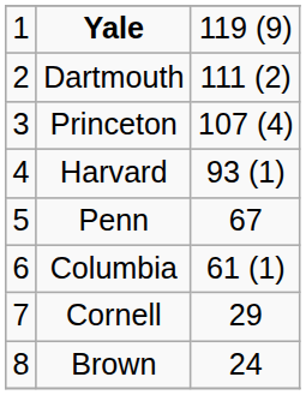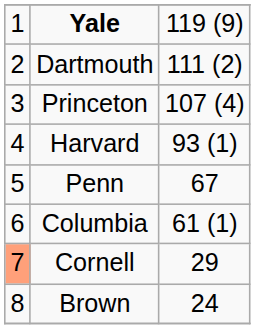 <table class="wikitable">
 <tr align="center">
 </tr>
 <tr align="center">
 <td>1</td>
 <td><strong>Yale</strong></td>
 <td>119 (9)</td>
 </tr>
 <tr align="center">
 <td>2</td>
 <td>Dartmouth</td>
 <td>111 (2)</td>
 </tr>
 <tr align="center">
 <td>3</td>
 <td>Princeton</td>
 <td>107 (4)</td>
 </tr>
 <tr align="center">
 <td>4</td>
 <td>Harvard</td>
 <td>93 (1)</td>
 </tr>
 <tr align="center">
 <td>5</td>
 <td>Penn</td>
 <td>67</td>
 </tr>
 <tr align="center">
 <td>6</td>
 <td>Columbia</td>
 <td>61 (1)</td>
 </tr>
 <tr align="center">
-<td>7</td>
+<td style="background: lightsalmon;">7</td>
 <td>Cornell</td>
 <td>29</td>
 </tr>
 <tr align="center">
 <td>8</td>
 <td>Brown</td>
 <td>24</td>
 </tr>
 <tr>
 </tr>
 </table>
